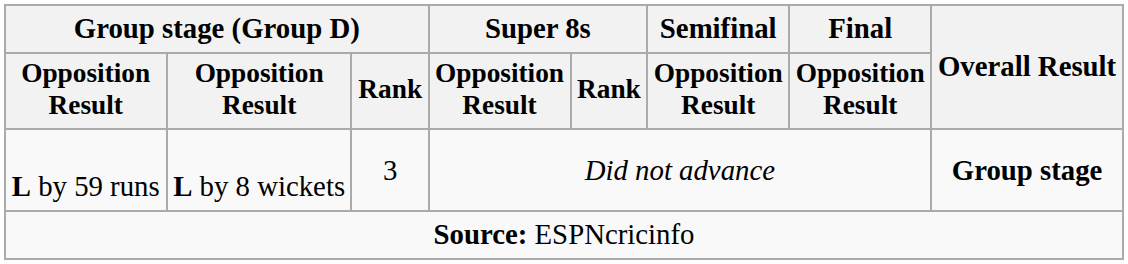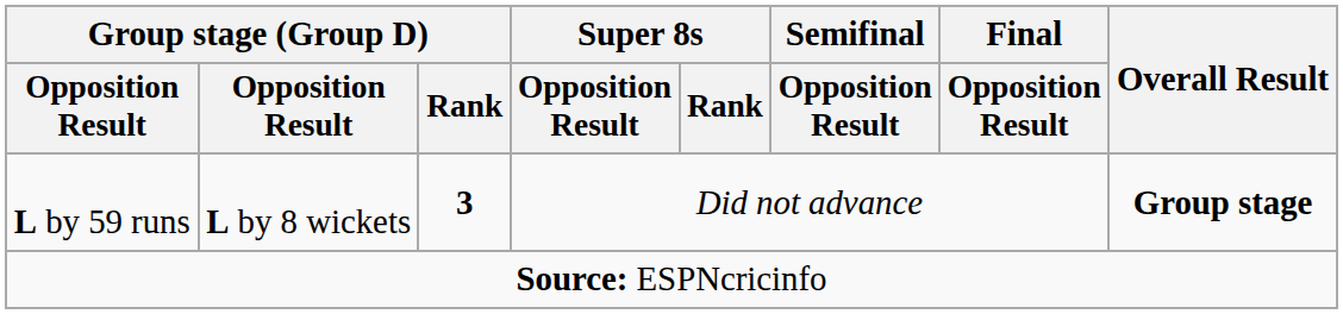 <table class=wikitable style=font-size:90%;text-align:center>
 <tr>
 <th colspan=3>Group stage (Group D)</th>
 <th colspan=2>Super 8s</th>
 <th>Semifinal</th>
 <th>Final</th>
 <th rowspan=2>Overall Result</th>
 </tr>
 <tr style=font-size:95%>
 <th>Opposition<br>Result</th>
 <th>Opposition<br>Result</th>
 <th>Rank</th>
 <th>Opposition<br>Result</th>
 <th>Rank</th>
 <th>Opposition<br>Result</th>
 <th>Opposition<br>Result</th>
 </tr>
 <tr>
 <td><br><strong>L</strong> by 59 runs</td>
 <td><br><strong>L</strong> by 8 wickets</td>
-<td>3</td>
+<td><strong>3</strong></td>
 <td colspan=4><em>Did not advance</em></td>
 <td><strong>Group stage</strong></td>
 </tr>
 <tr>
 <td colspan="11"><strong>Source:</strong> ESPNcricinfo</td>
 </tr>
 </table>
